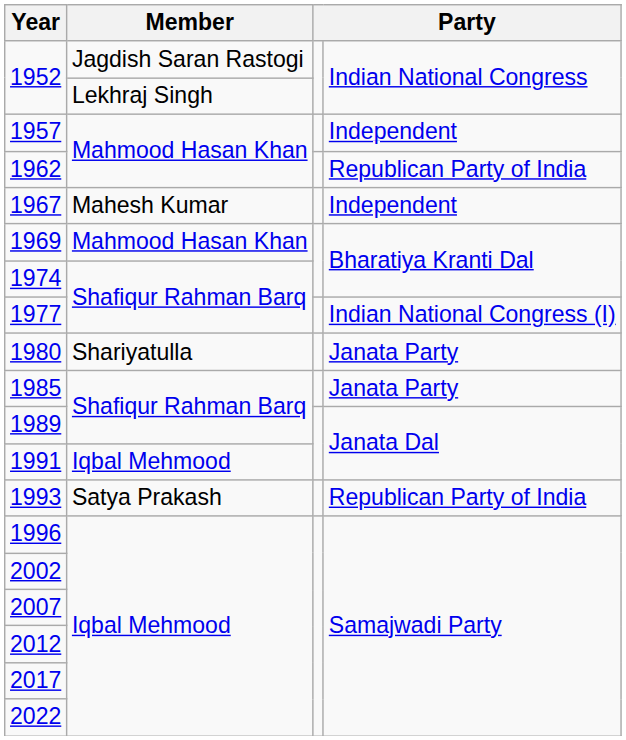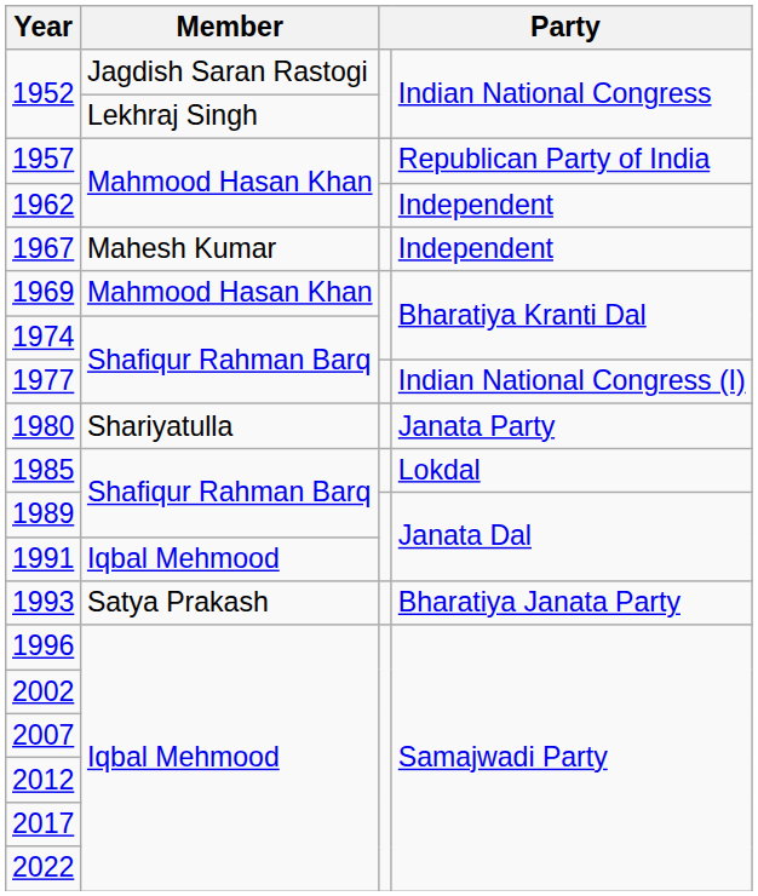 <table class="wikitable">
 <tr>
 <th>Year</th>
 <th>Member</th>
 <th colspan="2">Party</th>
 </tr>
 <tr>
 <td rowspan="2"><a href='#'>1952</a></td>
 <td>Jagdish Saran Rastogi</td>
 <td rowspan="2" style="background-color: "></td>
 <td rowspan="2"><a href='#'>Indian National Congress</a></td>
 </tr>
 <tr>
 <td>Lekhraj Singh</td>
 </tr>
 <tr>
 <td><a href='#'>1957</a></td>
 <td rowspan="2"><a href='#'>Mahmood Hasan Khan</a></td>
 <td style="background-color: "></td>
-<td><a href='#'>Independent</a></td>
+<td><a href='#'>Republican Party of India</a></td>
 </tr>
 <tr>
 <td><a href='#'>1962</a></td>
 <td style="background-color: "></td>
-<td><a href='#'>Republican Party of India</a></td>
+<td><a href='#'>Independent</a></td>
 </tr>
 <tr>
 <td><a href='#'>1967</a></td>
 <td>Mahesh Kumar</td>
 <td style="background-color: "></td>
 <td><a href='#'>Independent</a></td>
 </tr>
 <tr>
 <td><a href='#'>1969</a></td>
 <td><a href='#'>Mahmood Hasan Khan</a></td>
 <td rowspan="2" style="background-color: "></td>
 <td rowspan="2"><a href='#'>Bharatiya Kranti Dal</a></td>
 </tr>
 <tr>
 <td><a href='#'>1974</a></td>
 <td rowspan="2"><a href='#'>Shafiqur Rahman Barq</a></td>
 </tr>
 <tr>
 <td><a href='#'>1977</a></td>
 <td style="background-color: "></td>
 <td><a href='#'>Indian National Congress (I)</a></td>
 </tr>
 <tr>
 <td><a href='#'>1980</a></td>
 <td>Shariyatulla</td>
 <td style="background-color: "></td>
 <td><a href='#'>Janata Party</a></td>
 </tr>
 <tr>
 <td><a href='#'>1985</a></td>
 <td rowspan="2"><a href='#'>Shafiqur Rahman Barq</a></td>
 <td style="background-color: "></td>
-<td><a href='#'>Janata Party</a></td>
+<td><a href='#'>Lokdal</a></td>
 </tr>
 <tr>
 <td><a href='#'>1989</a></td>
 <td rowspan="2" style="background-color: "></td>
 <td rowspan="2"><a href='#'>Janata Dal</a></td>
 </tr>
 <tr>
 <td><a href='#'>1991</a></td>
 <td><a href='#'>Iqbal Mehmood</a></td>
 </tr>
 <tr>
 <td><a href='#'>1993</a></td>
 <td>Satya Prakash</td>
 <td style="background-color: "></td>
-<td><a href='#'>Republican Party of India</a></td>
+<td><a href='#'>Bharatiya Janata Party</a></td>
 </tr>
 <tr>
 <td><a href='#'>1996</a></td>
 <td rowspan="6"><a href='#'>Iqbal Mehmood</a></td>
 <td rowspan="6" style="background-color: "></td>
 <td rowspan="6"><a href='#'>Samajwadi Party</a></td>
 </tr>
 <tr>
 <td><a href='#'>2002</a></td>
 </tr>
 <tr>
 <td><a href='#'>2007</a></td>
 </tr>
 <tr>
 <td><a href='#'>2012</a></td>
 </tr>
 <tr>
 <td><a href='#'>2017</a></td>
 </tr>
 <tr>
 <td><a href='#'>2022</a></td>
 </tr>
 </table>
